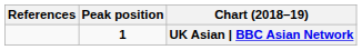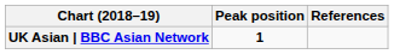 <table class="wikitable plainrowheaders" style="text-align:center">
 <tr>
+<th scope="col">Chart (2018–19)</th>
+<th scope="col">Peak position</th>
 <th scope="col">References</th>
-<th scope="col">Peak position</th>
-<th scope="col">Chart (2018–19)</th>
 </tr>
 <tr>
+<th scope="row">UK Asian | <a href='#'>BBC Asian Network</a></th>
+<td><strong>1</strong></td>
 <td></td>
-<td><strong>1</strong></td>
-<th scope="row">UK Asian | <a href='#'>BBC Asian Network</a></th>
 </tr>
 </table>
